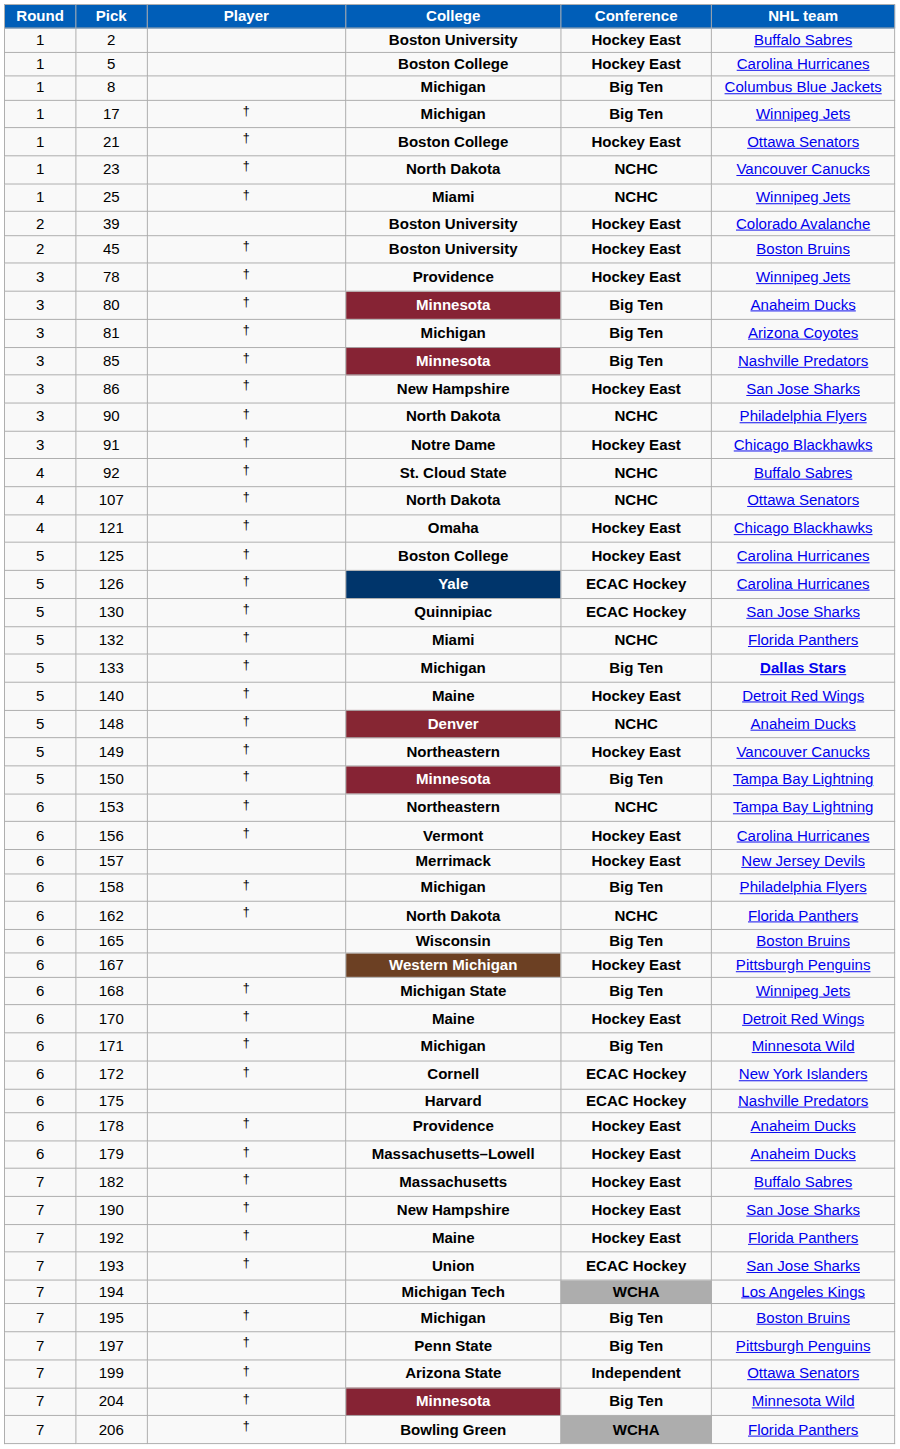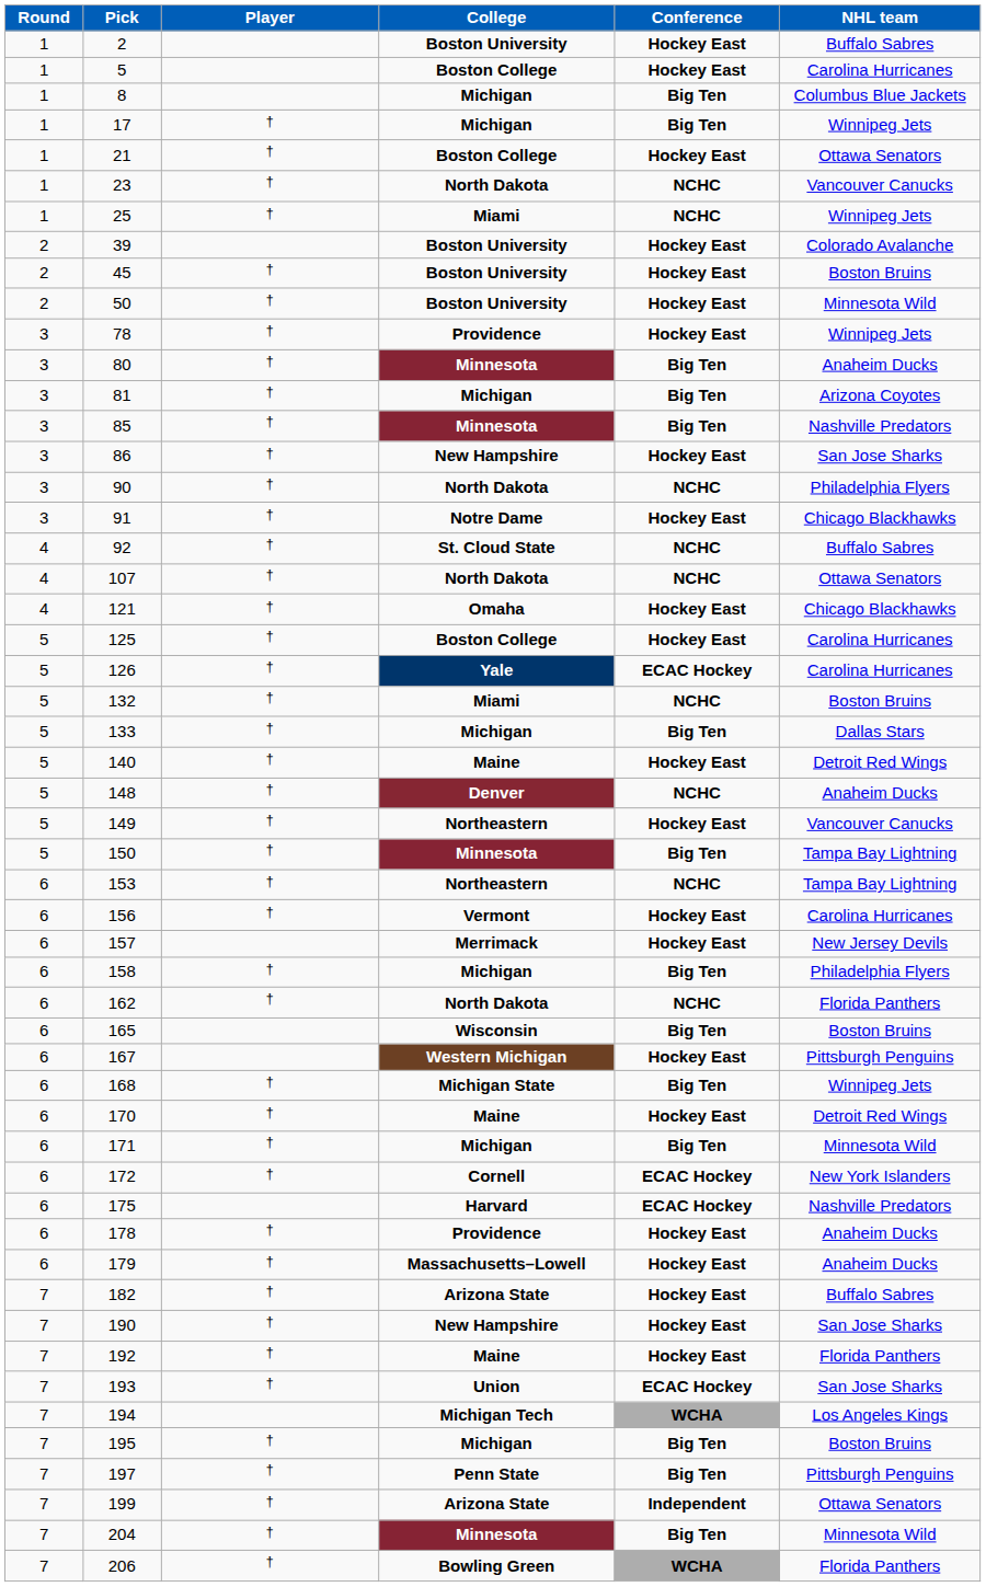 <table class="wikitable sortable" width="75%">
 <tr>
 <th style="color:white; background-color:#005EB8; width: 4em;">Round</th>
 <th style="color:white; background-color:#005EB8; width: 4em;">Pick</th>
 <th style="color:white; background-color:#005EB8; width: 12em;">Player</th>
 <th style="color:white; background-color:#005EB8; width: 13em;">College</th>
 <th style="color:white; background-color:#005EB8; width: 9em;">Conference</th>
 <th style="color:white; background-color:#005EB8; width: 11em;">NHL team</th>
 </tr>
 <tr align="center" bgcolor="">
 <td>1</td>
 <td>2</td>
 <td></td>
 <td><strong>Boston University</strong></td>
 <td><strong>Hockey East</strong></td>
 <td><a href='#'>Buffalo Sabres</a></td>
 </tr>
 <tr align="center" bgcolor="">
 <td>1</td>
 <td>5</td>
 <td></td>
 <td><strong>Boston College</strong></td>
 <td><strong>Hockey East</strong></td>
 <td><a href='#'>Carolina Hurricanes</a></td>
 </tr>
 <tr align="center" bgcolor="">
 <td>1</td>
 <td>8</td>
 <td></td>
 <td><strong>Michigan</strong></td>
 <td><strong>Big Ten</strong></td>
 <td><a href='#'>Columbus Blue Jackets</a></td>
 </tr>
 <tr align="center" bgcolor="">
 <td>1</td>
 <td>17</td>
 <td> <sup>†</sup></td>
 <td><strong>Michigan</strong></td>
 <td><strong>Big Ten</strong></td>
 <td><a href='#'>Winnipeg Jets</a></td>
 </tr>
 <tr align="center" bgcolor="">
 <td>1</td>
 <td>21</td>
 <td> <sup>†</sup></td>
 <td><strong>Boston College</strong></td>
 <td><strong>Hockey East</strong></td>
 <td><a href='#'>Ottawa Senators</a></td>
 </tr>
 <tr align="center" bgcolor="">
 <td>1</td>
 <td>23</td>
 <td> <sup>†</sup></td>
 <td><strong>North Dakota</strong></td>
 <td><strong>NCHC</strong></td>
 <td><a href='#'>Vancouver Canucks</a></td>
 </tr>
 <tr align="center" bgcolor="">
 <td>1</td>
 <td>25</td>
 <td> <sup>†</sup></td>
 <td><strong>Miami</strong></td>
 <td><strong>NCHC</strong></td>
 <td><a href='#'>Winnipeg Jets</a></td>
 </tr>
 <tr align="center" bgcolor="">
 <td>2</td>
 <td>39</td>
 <td></td>
 <td><strong>Boston University</strong></td>
 <td><strong>Hockey East</strong></td>
 <td><a href='#'>Colorado Avalanche</a></td>
 </tr>
 <tr align="center" bgcolor="">
 <td>2</td>
 <td>45</td>
 <td> <sup>†</sup></td>
 <td><strong>Boston University</strong></td>
 <td><strong>Hockey East</strong></td>
 <td><a href='#'>Boston Bruins</a></td>
+</tr>
+<tr align="center" bgcolor="">
+<td>2</td>
+<td>50</td>
+<td> <sup>†</sup></td>
+<td><strong>Boston University</strong></td>
+<td><strong>Hockey East</strong></td>
+<td><a href='#'>Minnesota Wild</a></td>
 </tr>
 <tr align="center" bgcolor="">
 <td>3</td>
 <td>78</td>
 <td> <sup>†</sup></td>
 <td><strong>Providence</strong></td>
 <td><strong>Hockey East</strong></td>
 <td><a href='#'>Winnipeg Jets</a></td>
 </tr>
 <tr align="center" bgcolor="">
 <td>3</td>
 <td>80</td>
 <td> <sup>†</sup></td>
 <td style="color:white; background:#862334; "><strong>Minnesota</strong></td>
 <td><strong>Big Ten</strong></td>
 <td><a href='#'>Anaheim Ducks</a></td>
 </tr>
 <tr align="center" bgcolor="">
 <td>3</td>
 <td>81</td>
 <td> <sup>†</sup></td>
 <td><strong>Michigan</strong></td>
 <td><strong>Big Ten</strong></td>
 <td><a href='#'>Arizona Coyotes</a></td>
 </tr>
 <tr align="center" bgcolor="">
 <td>3</td>
 <td>85</td>
 <td> <sup>†</sup></td>
 <td style="color:white; background:#862334; "><strong>Minnesota</strong></td>
 <td><strong>Big Ten</strong></td>
 <td><a href='#'>Nashville Predators</a></td>
 </tr>
 <tr align="center" bgcolor="">
 <td>3</td>
 <td>86</td>
 <td> <sup>†</sup></td>
 <td><strong>New Hampshire</strong></td>
 <td><strong>Hockey East</strong></td>
 <td><a href='#'>San Jose Sharks</a></td>
 </tr>
 <tr align="center" bgcolor="">
 <td>3</td>
 <td>90</td>
 <td> <sup>†</sup></td>
 <td><strong>North Dakota</strong></td>
 <td><strong>NCHC</strong></td>
 <td><a href='#'>Philadelphia Flyers</a></td>
 </tr>
 <tr align="center" bgcolor="">
 <td>3</td>
 <td>91</td>
 <td> <sup>†</sup></td>
 <td><strong>Notre Dame</strong></td>
 <td><strong>Hockey East</strong></td>
 <td><a href='#'>Chicago Blackhawks</a></td>
 </tr>
 <tr align="center" bgcolor="">
 <td>4</td>
 <td>92</td>
 <td> <sup>†</sup></td>
 <td><strong>St. Cloud State</strong></td>
 <td><strong>NCHC</strong></td>
 <td><a href='#'>Buffalo Sabres</a></td>
 </tr>
 <tr align="center" bgcolor="">
 <td>4</td>
 <td>107</td>
 <td> <sup>†</sup></td>
 <td><strong>North Dakota</strong></td>
 <td><strong>NCHC</strong></td>
 <td><a href='#'>Ottawa Senators</a></td>
 </tr>
 <tr align="center" bgcolor="">
 <td>4</td>
 <td>121</td>
 <td> <sup>†</sup></td>
 <td><strong>Omaha</strong></td>
 <td><strong>Hockey East</strong></td>
 <td><a href='#'>Chicago Blackhawks</a></td>
 </tr>
 <tr align="center" bgcolor="">
 <td>5</td>
 <td>125</td>
 <td> <sup>†</sup></td>
 <td><strong>Boston College</strong></td>
 <td><strong>Hockey East</strong></td>
 <td><a href='#'>Carolina Hurricanes</a></td>
 </tr>
 <tr align="center" bgcolor="">
 <td>5</td>
 <td>126</td>
 <td> <sup>†</sup></td>
 <td style="color:white; background:#00356B"><strong>Yale</strong></td>
 <td><strong>ECAC Hockey</strong></td>
 <td><a href='#'>Carolina Hurricanes</a></td>
 </tr>
 <tr align="center" bgcolor="">
 <td>5</td>
-<td>130</td>
-<td> <sup>†</sup></td>
-<td><strong>Quinnipiac</strong></td>
-<td><strong>ECAC Hockey</strong></td>
-<td><a href='#'>San Jose Sharks</a></td>
-</tr>
-<tr align="center" bgcolor="">
-<td>5</td>
 <td>132</td>
 <td> <sup>†</sup></td>
 <td><strong>Miami</strong></td>
 <td><strong>NCHC</strong></td>
-<td><a href='#'>Florida Panthers</a></td>
+<td><a href='#'>Boston Bruins</a></td>
 </tr>
 <tr align="center" bgcolor="">
 <td>5</td>
 <td>133</td>
 <td> <sup>†</sup></td>
 <td><strong>Michigan</strong></td>
 <td><strong>Big Ten</strong></td>
-<td><strong><a href='#'>Dallas Stars</a></strong></td>
+<td><a href='#'>Dallas Stars</a></td>
 </tr>
 <tr align="center" bgcolor="">
 <td>5</td>
 <td>140</td>
 <td> <sup>†</sup></td>
 <td><strong>Maine</strong></td>
 <td><strong>Hockey East</strong></td>
 <td><a href='#'>Detroit Red Wings</a></td>
 </tr>
 <tr align="center" bgcolor="">
 <td>5</td>
 <td>148</td>
 <td> <sup>†</sup></td>
 <td style="color:white; background:#862633; "><strong>Denver</strong></td>
 <td><strong>NCHC</strong></td>
 <td><a href='#'>Anaheim Ducks</a></td>
 </tr>
 <tr align="center" bgcolor="">
 <td>5</td>
 <td>149</td>
 <td> <sup>†</sup></td>
 <td><strong>Northeastern</strong></td>
 <td><strong>Hockey East</strong></td>
 <td><a href='#'>Vancouver Canucks</a></td>
 </tr>
 <tr align="center" bgcolor="">
 <td>5</td>
 <td>150</td>
 <td> <sup>†</sup></td>
 <td style="color:white; background:#862334; "><strong>Minnesota</strong></td>
 <td><strong>Big Ten</strong></td>
 <td><a href='#'>Tampa Bay Lightning</a></td>
 </tr>
 <tr align="center" bgcolor="">
 <td>6</td>
 <td>153</td>
 <td> <sup>†</sup></td>
 <td><strong>Northeastern</strong></td>
 <td><strong>NCHC</strong></td>
 <td><a href='#'>Tampa Bay Lightning</a></td>
 </tr>
 <tr align="center" bgcolor="">
 <td>6</td>
 <td>156</td>
 <td> <sup>†</sup></td>
 <td><strong>Vermont</strong></td>
 <td><strong>Hockey East</strong></td>
 <td><a href='#'>Carolina Hurricanes</a></td>
 </tr>
 <tr align="center" bgcolor="">
 <td>6</td>
 <td>157</td>
 <td></td>
 <td><strong>Merrimack</strong></td>
 <td><strong>Hockey East</strong></td>
 <td><a href='#'>New Jersey Devils</a></td>
 </tr>
 <tr align="center" bgcolor="">
 <td>6</td>
 <td>158</td>
 <td> <sup>†</sup></td>
 <td><strong>Michigan</strong></td>
 <td><strong>Big Ten</strong></td>
 <td><a href='#'>Philadelphia Flyers</a></td>
 </tr>
 <tr align="center" bgcolor="">
 <td>6</td>
 <td>162</td>
 <td> <sup>†</sup></td>
 <td><strong>North Dakota</strong></td>
 <td><strong>NCHC</strong></td>
 <td><a href='#'>Florida Panthers</a></td>
 </tr>
 <tr align="center" bgcolor="">
 <td>6</td>
 <td>165</td>
 <td></td>
 <td><strong>Wisconsin</strong></td>
 <td><strong>Big Ten</strong></td>
 <td><a href='#'>Boston Bruins</a></td>
 </tr>
 <tr align="center" bgcolor="">
 <td>6</td>
 <td>167</td>
 <td></td>
 <td style="color:white; background:#6C4023; "><strong>Western Michigan</strong></td>
 <td><strong>Hockey East</strong></td>
 <td><a href='#'>Pittsburgh Penguins</a></td>
 </tr>
 <tr align="center" bgcolor="">
 <td>6</td>
 <td>168</td>
 <td> <sup>†</sup></td>
 <td><strong>Michigan State</strong></td>
 <td><strong>Big Ten</strong></td>
 <td><a href='#'>Winnipeg Jets</a></td>
 </tr>
 <tr align="center" bgcolor="">
 <td>6</td>
 <td>170</td>
 <td> <sup>†</sup></td>
 <td><strong>Maine</strong></td>
 <td><strong>Hockey East</strong></td>
 <td><a href='#'>Detroit Red Wings</a></td>
 </tr>
 <tr align="center" bgcolor="">
 <td>6</td>
 <td>171</td>
 <td> <sup>†</sup></td>
 <td><strong>Michigan</strong></td>
 <td><strong>Big Ten</strong></td>
 <td><a href='#'>Minnesota Wild</a></td>
 </tr>
 <tr align="center" bgcolor="">
 <td>6</td>
 <td>172</td>
 <td> <sup>†</sup></td>
 <td><strong>Cornell</strong></td>
 <td><strong>ECAC Hockey</strong></td>
 <td><a href='#'>New York Islanders</a></td>
 </tr>
 <tr align="center" bgcolor="">
 <td>6</td>
 <td>175</td>
 <td></td>
 <td><strong>Harvard</strong></td>
 <td><strong>ECAC Hockey</strong></td>
 <td><a href='#'>Nashville Predators</a></td>
 </tr>
 <tr align="center" bgcolor="">
 <td>6</td>
 <td>178</td>
 <td> <sup>†</sup></td>
 <td><strong>Providence</strong></td>
 <td><strong>Hockey East</strong></td>
 <td><a href='#'>Anaheim Ducks</a></td>
 </tr>
 <tr align="center" bgcolor="">
 <td>6</td>
 <td>179</td>
 <td> <sup>†</sup></td>
 <td><strong>Massachusetts–Lowell</strong></td>
 <td><strong>Hockey East</strong></td>
 <td><a href='#'>Anaheim Ducks</a></td>
 </tr>
 <tr align="center" bgcolor="">
 <td>7</td>
 <td>182</td>
 <td> <sup>†</sup></td>
-<td><strong>Massachusetts</strong></td>
+<td><strong>Arizona State</strong></td>
 <td><strong>Hockey East</strong></td>
 <td><a href='#'>Buffalo Sabres</a></td>
 </tr>
 <tr align="center" bgcolor="">
 <td>7</td>
 <td>190</td>
 <td> <sup>†</sup></td>
 <td><strong>New Hampshire</strong></td>
 <td><strong>Hockey East</strong></td>
 <td><a href='#'>San Jose Sharks</a></td>
 </tr>
 <tr align="center" bgcolor="">
 <td>7</td>
 <td>192</td>
 <td> <sup>†</sup></td>
 <td><strong>Maine</strong></td>
 <td><strong>Hockey East</strong></td>
 <td><a href='#'>Florida Panthers</a></td>
 </tr>
 <tr align="center" bgcolor="">
 <td>7</td>
 <td>193</td>
 <td> <sup>†</sup></td>
 <td><strong>Union</strong></td>
 <td><strong>ECAC Hockey</strong></td>
 <td><a href='#'>San Jose Sharks</a></td>
 </tr>
 <tr align="center" bgcolor="">
 <td>7</td>
 <td>194</td>
 <td></td>
 <td><strong>Michigan Tech</strong></td>
 <td style="color:black; background:#ADADAD; "><strong>WCHA</strong></td>
 <td><a href='#'>Los Angeles Kings</a></td>
 </tr>
 <tr align="center" bgcolor="">
 <td>7</td>
 <td>195</td>
 <td> <sup>†</sup></td>
 <td><strong>Michigan</strong></td>
 <td><strong>Big Ten</strong></td>
 <td><a href='#'>Boston Bruins</a></td>
 </tr>
 <tr align="center" bgcolor="">
 <td>7</td>
 <td>197</td>
 <td> <sup>†</sup></td>
 <td><strong>Penn State</strong></td>
 <td><strong>Big Ten</strong></td>
 <td><a href='#'>Pittsburgh Penguins</a></td>
 </tr>
 <tr align="center" bgcolor="">
 <td>7</td>
 <td>199</td>
 <td> <sup>†</sup></td>
 <td><strong>Arizona State</strong></td>
 <td><strong>Independent</strong></td>
 <td><a href='#'>Ottawa Senators</a></td>
 </tr>
 <tr align="center" bgcolor="">
 <td>7</td>
 <td>204</td>
 <td> <sup>†</sup></td>
 <td style="color:white; background:#862334; "><strong>Minnesota</strong></td>
 <td><strong>Big Ten</strong></td>
 <td><a href='#'>Minnesota Wild</a></td>
 </tr>
 <tr align="center" bgcolor="">
 <td>7</td>
 <td>206</td>
 <td> <sup>†</sup></td>
 <td><strong>Bowling Green</strong></td>
 <td style="color:black; background:#ADADAD; "><strong>WCHA</strong></td>
 <td><a href='#'>Florida Panthers</a></td>
 </tr>
 </table>
